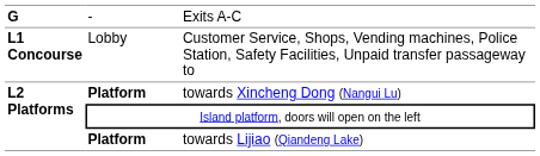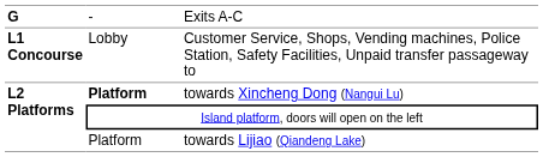 <table table border=0 cellspacing=0 cellpadding=3>
 <tr>
 <td style="border-top:solid 1px gray;" width=50 valign=top><strong>G</strong></td>
 <td style="border-top:solid 1px gray;" width=100 valign=top>-</td>
 <td style="border-top:solid 1px gray;" width=390 valign=top>Exits A-C</td>
 </tr>
 <tr>
 <td style="border-bottom:solid 1px gray; border-top:solid 1px gray;" valign=top width=50><strong>L1<br>Concourse</strong></td>
 <td style="border-bottom:solid 1px gray; border-top:solid 1px gray;" valign=top width=100>Lobby</td>
 <td style="border-bottom:solid 1px gray; border-top:solid 1px gray;" valign=top width=390>Customer Service, Shops, Vending machines, Police Station, Safety Facilities, Unpaid transfer passageway to </td>
 </tr>
 <tr>
 <td style="border-bottom:solid 1px gray;" rowspan=4 valign=top><strong>L2<br>Platforms</strong></td>
 <td><strong>Platform </strong></td>
 <td>  towards <a href='#'>Xincheng Dong</a> <small>(<a href='#'>Nangui Lu</a>)</small></td>
 </tr>
 <tr>
 <td style="border-right:solid 2px black;border-left:solid 2px black;border-top:solid 2px black;border-bottom:solid 2px black;text-align:center;" colspan=2><small><a href='#'>Island platform</a>, doors will open on the left</small></td>
 </tr>
 <tr>
-<td style="border-bottom:solid 1px gray;"><strong>Platform </strong></td>
+<td style="border-bottom:solid 1px gray;">Platform </td>
 <td style="border-bottom:solid 1px gray;"> towards <a href='#'>Lijiao</a> <small>(<a href='#'>Qiandeng Lake</a>)</small> </td>
 </tr>
 </table>
